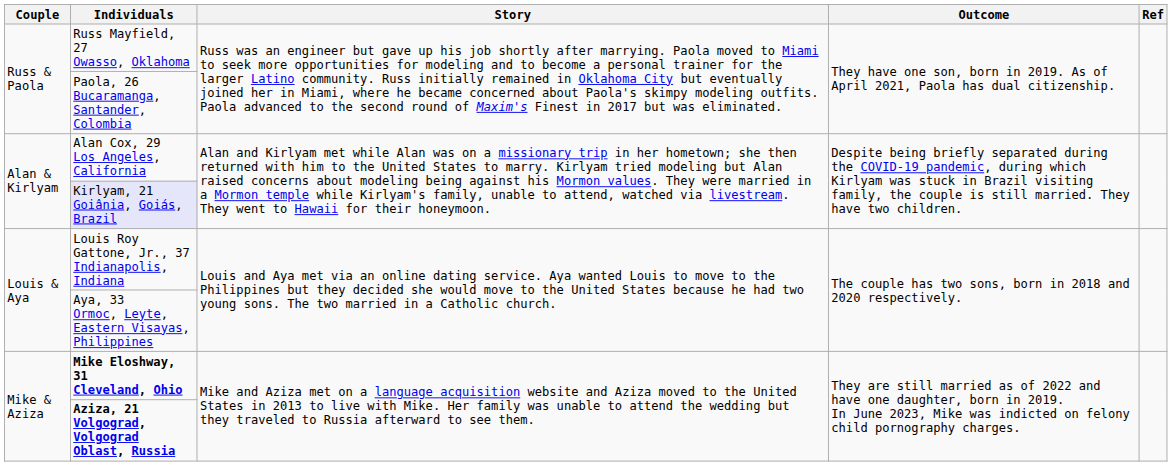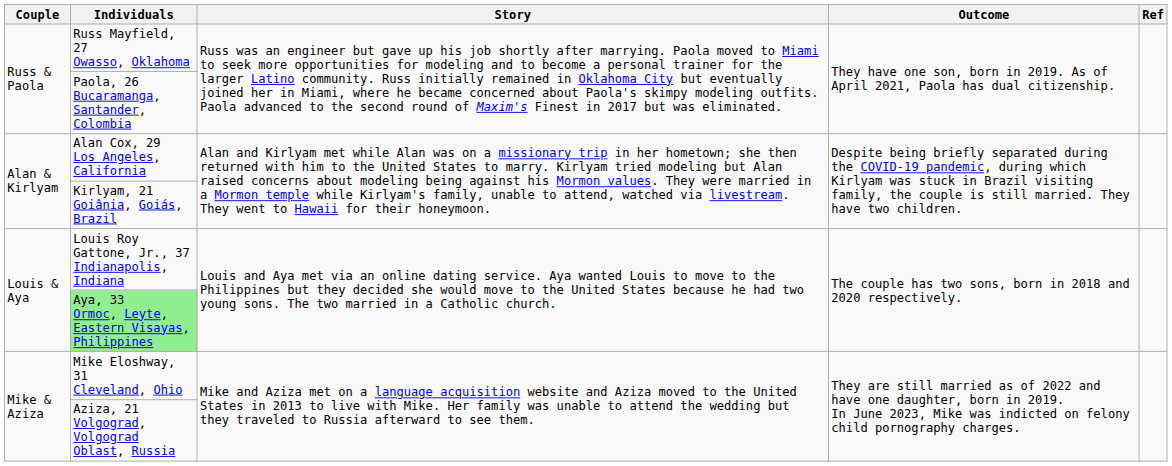 <table class="wikitable sortable">
 <tr>
 <th>Couple</th>
 <th style=width:10em>Individuals</th>
 <th>Story</th>
 <th>Outcome</th>
 <th style=width:1em>Ref</th>
 </tr>
 <tr>
 <td rowspan="2">Russ & Paola</td>
 <td>Russ Mayfield, 27<br><a href='#'>Owasso</a>, <a href='#'>Oklahoma</a></td>
 <td rowspan="2">Russ was an engineer but gave up his job shortly after marrying. Paola moved to <a href='#'>Miami</a> to seek more opportunities for modeling and to become a personal trainer for the larger <a href='#'>Latino</a> community. Russ initially remained in <a href='#'>Oklahoma City</a> but eventually joined her in Miami, where he became concerned about Paola's skimpy modeling outfits. Paola advanced to the second round of <em><a href='#'>Maxim's</a></em> Finest in 2017 but was eliminated.</td>
 <td rowspan="2">They have one son, born in 2019. As of April 2021, Paola has dual citizenship.</td>
 <td rowspan="2"></td>
 </tr>
 <tr>
 <td>Paola, 26<br><a href='#'>Bucaramanga</a>, <a href='#'>Santander</a>, <a href='#'>Colombia</a></td>
 </tr>
 <tr>
 <td rowspan="2">Alan & Kirlyam</td>
 <td>Alan Cox, 29<br><a href='#'>Los Angeles</a>, <a href='#'>California</a></td>
 <td rowspan="2">Alan and Kirlyam met while Alan was on a <a href='#'>missionary trip</a> in her hometown; she then returned with him to the United States to marry. Kirlyam tried modeling but Alan raised concerns about modeling being against his <a href='#'>Mormon values</a>. They were married in a <a href='#'>Mormon temple</a> while Kirlyam's family, unable to attend, watched via <a href='#'>livestream</a>. They went to <a href='#'>Hawaii</a> for their honeymoon.</td>
 <td rowspan="2">Despite being briefly separated during the <a href='#'>COVID-19 pandemic</a>, during which Kirlyam was stuck in Brazil visiting family, the couple is still married. They have two children.</td>
 <td rowspan="2"></td>
 </tr>
 <tr>
-<td style="background: lavender;">Kirlyam, 21<br><a href='#'>Goiânia</a>, <a href='#'>Goiás</a>, <a href='#'>Brazil</a></td>
+<td>Kirlyam, 21<br><a href='#'>Goiânia</a>, <a href='#'>Goiás</a>, <a href='#'>Brazil</a></td>
 </tr>
 <tr>
 <td rowspan="2">Louis & Aya</td>
 <td>Louis Roy Gattone, Jr., 37<br><a href='#'>Indianapolis</a>, <a href='#'>Indiana</a></td>
 <td rowspan="2">Louis and Aya met via an online dating service. Aya wanted Louis to move to the Philippines but they decided she would move to the United States because he had two young sons. The two married in a Catholic church.</td>
 <td rowspan="2">The couple has two sons, born in 2018 and 2020 respectively.</td>
 <td rowspan="2"></td>
 </tr>
 <tr>
-<td>Aya, 33<br><a href='#'>Ormoc</a>, <a href='#'>Leyte</a>, <a href='#'>Eastern Visayas</a>, <a href='#'>Philippines</a></td>
+<td style="background: lightgreen;">Aya, 33<br><a href='#'>Ormoc</a>, <a href='#'>Leyte</a>, <a href='#'>Eastern Visayas</a>, <a href='#'>Philippines</a></td>
 </tr>
 <tr>
 <td rowspan="2">Mike & Aziza</td>
-<td><strong>Mike Eloshway, 31<br><a href='#'>Cleveland</a>, <a href='#'>Ohio</a></strong></td>
+<td>Mike Eloshway, 31<br><a href='#'>Cleveland</a>, <a href='#'>Ohio</a></td>
 <td rowspan="2">Mike and Aziza met on a <a href='#'>language acquisition</a> website and Aziza moved to the United States in 2013 to live with Mike. Her family was unable to attend the wedding but they traveled to Russia afterward to see them.</td>
 <td rowspan="2">They are still married as of 2022 and have one daughter, born in 2019.<br>In June 2023, Mike was indicted on felony child pornography charges.</td>
 <td rowspan="2"></td>
 </tr>
 <tr>
-<td><strong>Aziza, 21<br><a href='#'>Volgograd</a>, <a href='#'>Volgograd Oblast</a>, <a href='#'>Russia</a></strong></td>
+<td>Aziza, 21<br><a href='#'>Volgograd</a>, <a href='#'>Volgograd Oblast</a>, <a href='#'>Russia</a></td>
 </tr>
 </table>
